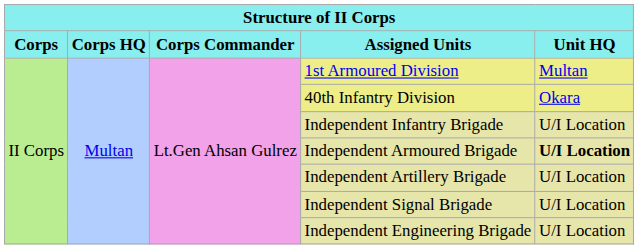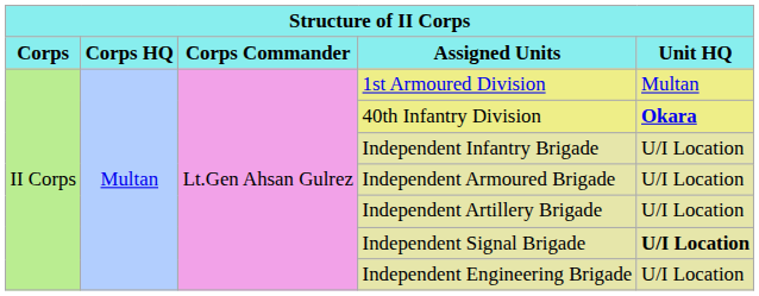 <table class="wikitable">
 <tr>
 <th colspan="10" style="background:#88EEEE;">Structure of II Corps</th>
 </tr>
 <tr>
 <th style="background:#88EEEE;">Corps</th>
 <th style="background:#88EEEE;">Corps HQ</th>
 <th style="background:#88EEEE;">Corps Commander</th>
 <th style="background:#88EEEE;">Assigned Units</th>
 <th style="background:#88EEEE;">Unit HQ</th>
 </tr>
 <tr>
 <td rowspan="8" style="background:#baed91;text-align:center;">II Corps</td>
 <td rowspan="8" style="background:#b2cefe;text-align:center;"><a href='#'>Multan</a></td>
 <td rowspan="8" style="background:#f2a2e8;text-align:center;">Lt.Gen Ahsan Gulrez<br></td>
 <td style="background:#EEEE88;"><a href='#'>1st Armoured Division</a></td>
 <td style="background:#EEEE88;"><a href='#'>Multan</a></td>
 </tr>
 <tr>
 <td style="background:#EEEE88;">40th Infantry Division</td>
-<td style="background:#EEEE88;"><a href='#'>Okara</a></td>
+<td style="background:#EEEE88;"><strong><a href='#'>Okara</a></strong></td>
 </tr>
 <tr>
 <td style="background:#e6e6aa;">Independent Infantry Brigade</td>
 <td style="background:#e6e6aa;">U/I Location</td>
 </tr>
 <tr>
 <td style="background:#e6e6aa;">Independent Armoured Brigade</td>
-<td style="background:#e6e6aa;"><strong>U/I Location</strong></td>
+<td style="background:#e6e6aa;">U/I Location</td>
 </tr>
 <tr>
 <td style="background:#e6e6aa;">Independent Artillery Brigade</td>
 <td style="background:#e6e6aa;">U/I Location</td>
 </tr>
 <tr>
 <td style="background:#e6e6aa;">Independent Signal Brigade</td>
-<td style="background:#e6e6aa;">U/I Location</td>
+<td style="background:#e6e6aa;"><strong>U/I Location</strong></td>
 </tr>
 <tr>
 <td style="background:#e6e6aa;">Independent Engineering Brigade</td>
 <td style="background:#e6e6aa;">U/I Location</td>
 </tr>
 </table>
